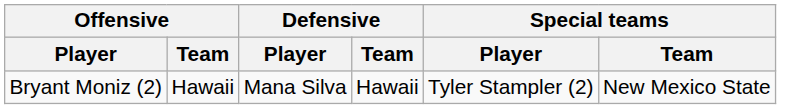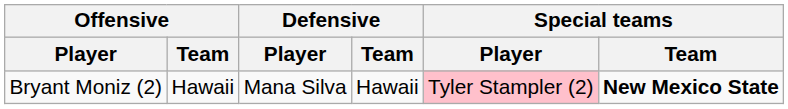 <table class="wikitable">
 <tr>
 <th colspan="2">Offensive</th>
 <th colspan="2">Defensive</th>
 <th colspan="2">Special teams</th>
 </tr>
 <tr>
 <th>Player</th>
 <th>Team</th>
 <th>Player</th>
 <th>Team</th>
 <th>Player</th>
 <th>Team</th>
 </tr>
 <tr>
 <td>Bryant Moniz (2)</td>
 <td>Hawaii</td>
 <td>Mana Silva</td>
 <td>Hawaii</td>
-<td>Tyler Stampler (2)</td>
-<td>New Mexico State</td>
+<td style="background: pink;">Tyler Stampler (2)</td>
+<td><strong>New Mexico State</strong></td>
 </tr>
 </table>
